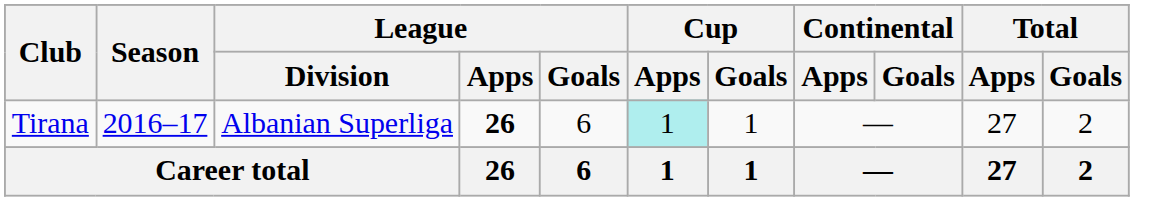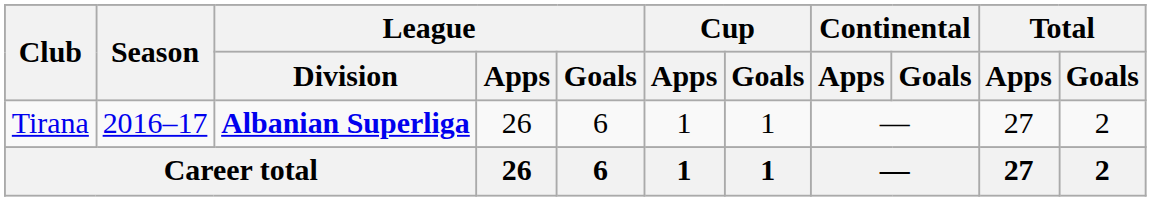 <table class="wikitable" style="text-align:center">
 <tr>
 <th rowspan="2">Club</th>
 <th rowspan="2">Season</th>
 <th colspan="3">League</th>
 <th colspan="2">Cup</th>
 <th colspan="2">Continental</th>
 <th colspan="2">Total</th>
 </tr>
 <tr>
 <th>Division</th>
 <th>Apps</th>
 <th>Goals</th>
 <th>Apps</th>
 <th>Goals</th>
 <th>Apps</th>
 <th>Goals</th>
 <th>Apps</th>
 <th>Goals</th>
 </tr>
 <tr>
 <td><a href='#'>Tirana</a></td>
 <td><a href='#'>2016–17</a></td>
-<td><a href='#'>Albanian Superliga</a></td>
-<td><strong>26</strong></td>
+<td><strong><a href='#'>Albanian Superliga</a></strong></td>
+<td>26</td>
 <td>6</td>
-<td style="background: paleturquoise;">1</td>
+<td>1</td>
 <td>1</td>
 <td colspan="2">—</td>
 <td>27</td>
 <td>2</td>
 </tr>
 <tr>
 <th colspan="3">Career total</th>
 <th>26</th>
 <th>6</th>
 <th>1</th>
 <th>1</th>
 <th colspan="2">—</th>
 <th>27</th>
 <th>2</th>
 </tr>
 </table>
